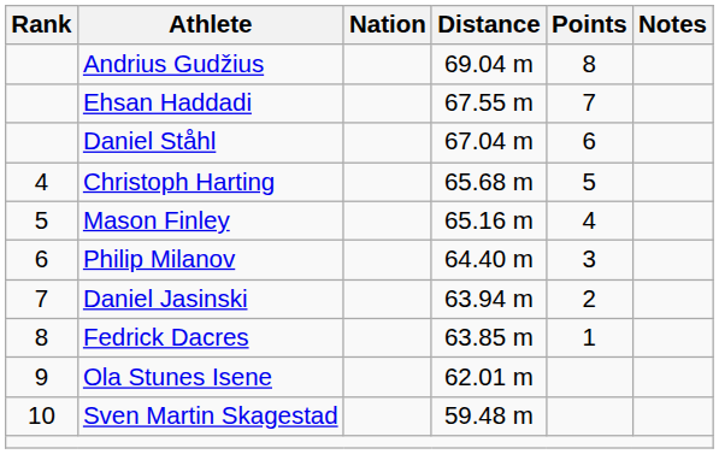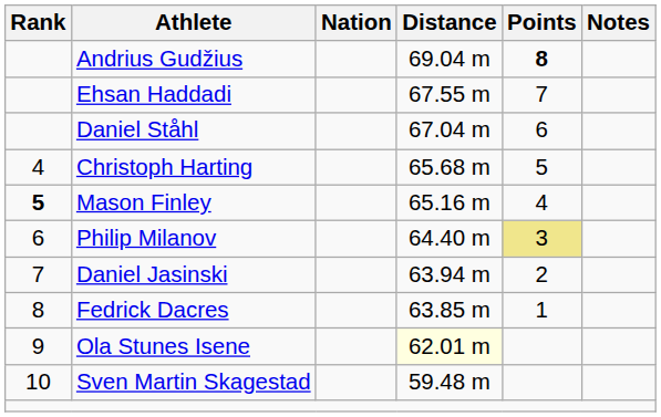 <table class="wikitable sortable" style="text-align:center;">
 <tr>
 <th scope="col" style="width: 10px;">Rank</th>
 <th scope="col">Athlete</th>
 <th scope="col">Nation</th>
 <th scope="col">Distance</th>
 <th scope="col">Points</th>
 <th scope="col">Notes</th>
 </tr>
 <tr>
 <td></td>
 <td align=left><a href='#'>Andrius Gudžius</a></td>
 <td align=left></td>
 <td>69.04 m</td>
-<td>8</td>
+<td><strong>8</strong></td>
 <td></td>
 </tr>
 <tr>
 <td></td>
 <td align=left><a href='#'>Ehsan Haddadi</a></td>
 <td align=left></td>
 <td>67.55 m</td>
 <td>7</td>
 <td></td>
 </tr>
 <tr>
 <td></td>
 <td align=left><a href='#'>Daniel Ståhl</a></td>
 <td align=left></td>
 <td>67.04 m</td>
 <td>6</td>
 <td></td>
 </tr>
 <tr>
 <td>4</td>
 <td align=left><a href='#'>Christoph Harting</a></td>
 <td align=left></td>
 <td>65.68 m</td>
 <td>5</td>
 <td></td>
 </tr>
 <tr>
-<td>5</td>
+<td><strong>5</strong></td>
 <td align=left><a href='#'>Mason Finley</a></td>
 <td align=left></td>
 <td>65.16 m</td>
 <td>4</td>
 <td></td>
 </tr>
 <tr>
 <td>6</td>
 <td align=left><a href='#'>Philip Milanov</a></td>
 <td align=left></td>
 <td>64.40 m</td>
-<td>3</td>
+<td style="background: khaki;">3</td>
 <td></td>
 </tr>
 <tr>
 <td>7</td>
 <td align=left><a href='#'>Daniel Jasinski</a></td>
 <td align=left></td>
 <td>63.94 m</td>
 <td>2</td>
 <td></td>
 </tr>
 <tr>
 <td>8</td>
 <td align=left><a href='#'>Fedrick Dacres</a></td>
 <td align=left></td>
 <td>63.85 m</td>
 <td>1</td>
 <td></td>
 </tr>
 <tr>
 <td>9</td>
 <td align=left><a href='#'>Ola Stunes Isene</a></td>
 <td align=left></td>
-<td>62.01 m</td>
+<td style="background: lightyellow;">62.01 m</td>
 <td></td>
 <td></td>
 </tr>
 <tr>
 <td>10</td>
 <td align=left><a href='#'>Sven Martin Skagestad</a></td>
 <td align=left></td>
 <td>59.48 m</td>
 <td></td>
 <td></td>
 </tr>
 <tr class="sortbottom">
 <td colspan="6"></td>
 </tr>
 </table>
